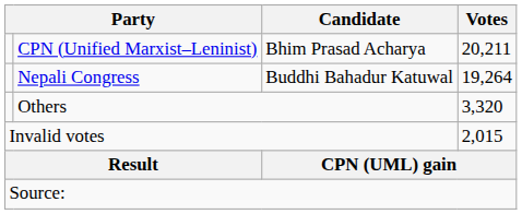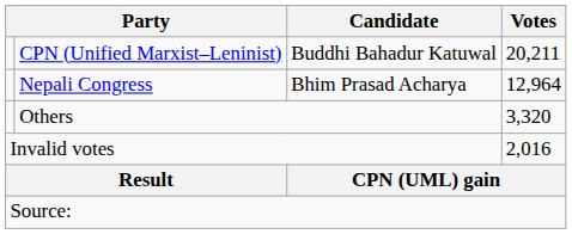 <table class="wikitable">
 <tr>
 <th colspan="2">Party</th>
 <th>Candidate</th>
 <th>Votes</th>
 </tr>
 <tr>
 <td style="background-color:"></td>
 <td><a href='#'>CPN (Unified Marxist–Leninist)</a></td>
-<td>Bhim Prasad Acharya</td>
+<td>Buddhi Bahadur Katuwal</td>
 <td>20,211</td>
 </tr>
 <tr>
 <td style="background-color:"></td>
 <td><a href='#'>Nepali Congress</a></td>
-<td>Buddhi Bahadur Katuwal</td>
-<td>19,264</td>
+<td>Bhim Prasad Acharya</td>
+<td>12,964</td>
 </tr>
 <tr>
 <td></td>
 <td colspan="2">Others</td>
 <td>3,320</td>
 </tr>
 <tr>
 <td colspan="3">Invalid votes</td>
-<td>2,015</td>
+<td>2,016</td>
 </tr>
 <tr>
 <th colspan="2">Result</th>
 <th colspan="2">CPN (UML) gain</th>
 </tr>
 <tr>
 <td colspan="4">Source: </td>
 </tr>
 </table>
